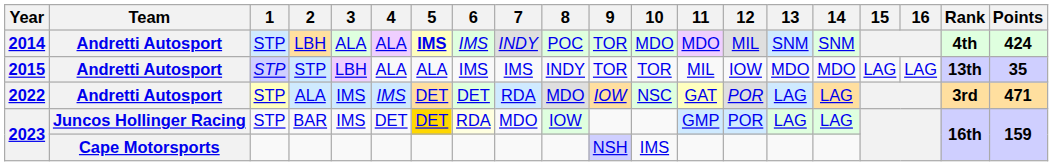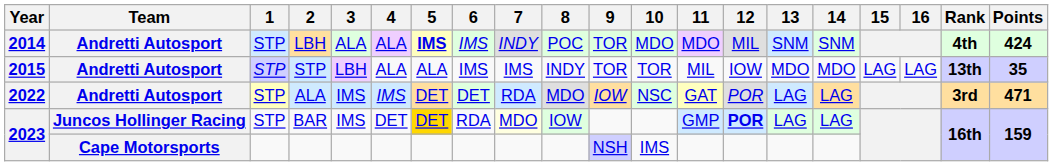 <table class="wikitable" style="text-align:center; font-size:85%">
 <tr>
 <th>Year</th>
 <th>Team</th>
 <th>1</th>
 <th>2</th>
 <th>3</th>
 <th>4</th>
 <th>5</th>
 <th>6</th>
 <th>7</th>
 <th>8</th>
 <th>9</th>
 <th>10</th>
 <th>11</th>
 <th>12</th>
 <th>13</th>
 <th>14</th>
 <th>15</th>
 <th>16</th>
 <th>Rank</th>
 <th>Points</th>
 </tr>
 <tr>
 <th><a href='#'>2014</a></th>
 <th nowrap><a href='#'>Andretti Autosport</a></th>
 <td style=background:#CFEAFF><a href='#'>STP</a><br></td>
 <td style=background:#FFDF9F><a href='#'>LBH</a><br></td>
 <td style=background:#DFFFDF><a href='#'>ALA</a><br></td>
 <td style=background:#EFCFFF><a href='#'>ALA</a><br></td>
 <td style=background:#FFFFBF><strong><a href='#'>IMS</a></strong><br></td>
 <td style=background:#DFFFDF><em><a href='#'>IMS</a></em><br></td>
 <td style=background:#DFDFDF><em><a href='#'>INDY</a></em><br></td>
 <td style=background:#DFFFDF><a href='#'>POC</a><br></td>
 <td style=background:#DFFFDF><a href='#'>TOR</a><br></td>
 <td style=background:#DFFFDF><a href='#'>MDO</a><br></td>
 <td style=background:#EFCFFF><a href='#'>MDO</a><br></td>
 <td style=background:#DFDFDF><a href='#'>MIL</a><br></td>
 <td style=background:#CFEAFF><a href='#'>SNM</a><br></td>
 <td style=background:#DFFFDF><a href='#'>SNM</a><br></td>
 <th Colspan=2></th>
 <th style="background:#DFFFDF">4th</th>
 <th style="background:#DFFFDF">424</th>
 </tr>
 <tr>
 <th><a href='#'>2015</a></th>
 <th nowrap><a href='#'>Andretti Autosport</a></th>
 <td style=background:#CFCFFF><em><a href='#'>STP</a></em><br></td>
 <td style=background:#CFEAFF><a href='#'>STP</a><br></td>
 <td style=background:#EFCFFF><a href='#'>LBH</a><br></td>
 <td><a href='#'>ALA</a></td>
 <td><a href='#'>ALA</a></td>
 <td><a href='#'>IMS</a></td>
 <td><a href='#'>IMS</a></td>
 <td><a href='#'>INDY</a></td>
 <td><a href='#'>TOR</a></td>
 <td><a href='#'>TOR</a></td>
 <td><a href='#'>MIL</a></td>
 <td><a href='#'>IOW</a></td>
 <td><a href='#'>MDO</a></td>
 <td><a href='#'>MDO</a></td>
 <td><a href='#'>LAG</a></td>
 <td><a href='#'>LAG</a></td>
 <th style=background:#CFCFFF>13th</th>
 <th style=background:#CFCFFF>35</th>
 </tr>
 <tr>
 <th><a href='#'>2022</a></th>
 <th nowrap><a href='#'>Andretti Autosport</a></th>
 <td style=background:#FFFFBF><a href='#'>STP</a><br></td>
 <td style=background:#CFEAFF><a href='#'>ALA</a><br></td>
 <td style=background:#CFEAFF><a href='#'>IMS</a><br></td>
 <td style=background:#CFEAFF><em><a href='#'>IMS</a></em><br></td>
 <td style=background:#FFDF9F><a href='#'>DET</a><br></td>
 <td style=background:#DFFFDF><a href='#'>DET</a><br></td>
 <td style=background:#CFEAFF><a href='#'>RDA</a><br></td>
 <td style=background:#DFDFDF><a href='#'>MDO</a><br></td>
 <td style=background:#FFDF9F><em><a href='#'>IOW</a></em><br></td>
 <td style=background:#DFFFDF><a href='#'>NSC</a><br></td>
 <td style=background:#FFFFBF><a href='#'>GAT</a><br></td>
 <td style=background:#DFDFDF><em><a href='#'>POR</a></em><br></td>
 <td style=background:#CFEAFF><a href='#'>LAG</a><br></td>
 <td style=background:#FFDF9F><a href='#'>LAG</a><br></td>
 <th Colspan=2></th>
 <th style=background:#FFDF9F>3rd</th>
 <th style=background:#FFDF9F>471</th>
 </tr>
 <tr>
 <th rowspan=2><a href='#'>2023</a></th>
 <th nowrap><a href='#'>Juncos Hollinger Racing</a></th>
 <td><a href='#'>STP</a></td>
 <td><a href='#'>BAR</a></td>
 <td><a href='#'>IMS</a></td>
 <td><a href='#'>DET</a></td>
 <td style="background: gold;"><a href='#'>DET</a></td>
-<td style="background: lightyellow;"><a href='#'>RDA</a></td>
-<td><a href='#'>MDO</a></td>
+<td><a href='#'>RDA</a></td>
+<td style="background: lightyellow;"><a href='#'>MDO</a></td>
 <td style="background:#DFFFDF"><a href='#'>IOW</a><br></td>
 <td></td>
 <td></td>
 <td style="background:#CFEAFF"><a href='#'>GMP</a><br></td>
-<td style="background:#CFEAFF"><a href='#'>POR</a><br></td>
+<td style="background:#CFEAFF"><strong><a href='#'>POR</a><br></strong></td>
 <td style="background:#DFFFDF"><a href='#'>LAG</a><br></td>
 <td style="background:#DFFFDF"><a href='#'>LAG</a><br></td>
 <th Colspan=2 rowspan=2></th>
 <th rowspan=2 style=background:#CFCFFF>16th</th>
 <th rowspan=2 style=background:#CFCFFF>159</th>
 </tr>
 <tr>
 <th nowrap><a href='#'>Cape Motorsports</a></th>
 <td></td>
 <td></td>
 <td></td>
 <td></td>
 <td></td>
 <td></td>
 <td></td>
 <td></td>
 <td style="background:#CFCFFF"><a href='#'>NSH</a><br></td>
 <td><a href='#'>IMS</a></td>
 <td></td>
 <td></td>
 <td></td>
 <td></td>
 </tr>
 </table>
